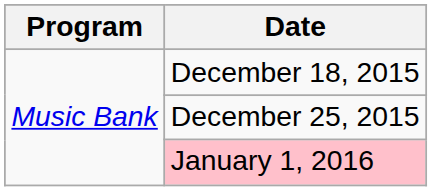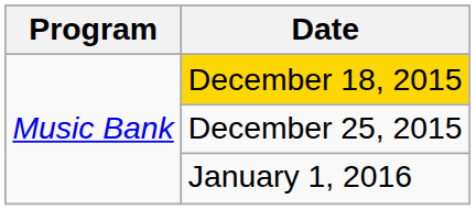 <table class="wikitable">
 <tr>
 <th>Program</th>
 <th>Date</th>
 </tr>
 <tr>
 <td rowspan="3"><em><a href='#'>Music Bank</a></em></td>
-<td>December 18, 2015</td>
+<td style="background: gold;">December 18, 2015</td>
 </tr>
 <tr>
 <td>December 25, 2015</td>
 </tr>
 <tr>
-<td style="background: pink;">January 1, 2016</td>
+<td>January 1, 2016</td>
 </tr>
 </table>
